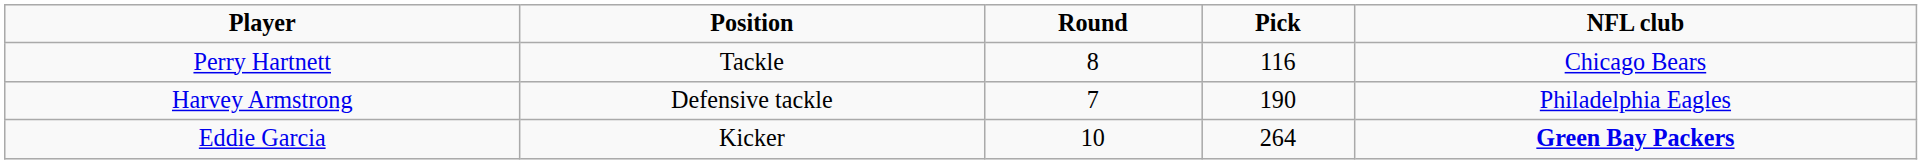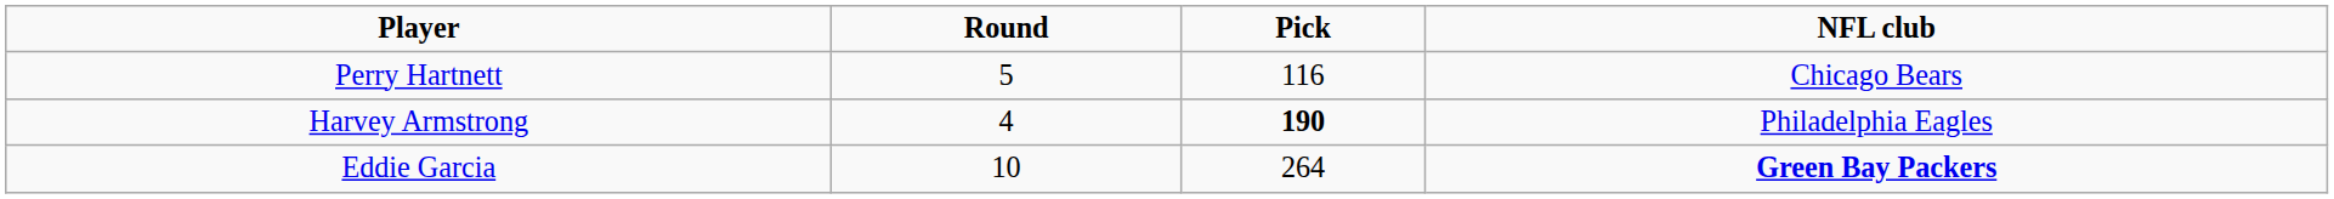 <table class="wikitable" style="width:80%;">
 <tr style="text-align:center; ">
 <td><strong>Player</strong></td>
-<td><strong>Position</strong></td>
 <td><strong>Round</strong></td>
 <td><strong>Pick</strong></td>
 <td><strong>NFL club</strong></td>
 </tr>
 <tr style="text-align:center;" bgcolor="">
 <td><a href='#'>Perry Hartnett</a></td>
-<td>Tackle</td>
-<td>8</td>
+<td>5</td>
 <td>116</td>
 <td><a href='#'>Chicago Bears</a></td>
 </tr>
 <tr style="text-align:center;" bgcolor="">
 <td><a href='#'>Harvey Armstrong</a></td>
-<td>Defensive tackle</td>
-<td>7</td>
-<td>190</td>
+<td>4</td>
+<td><strong>190</strong></td>
 <td><a href='#'>Philadelphia Eagles</a></td>
 </tr>
 <tr style="text-align:center;" bgcolor="">
 <td><a href='#'>Eddie Garcia</a></td>
-<td>Kicker</td>
 <td>10</td>
 <td>264</td>
 <td><strong><a href='#'>Green Bay Packers</a></strong></td>
 </tr>
 </table>
